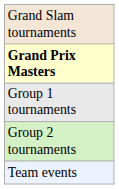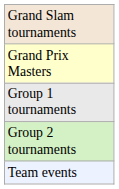 <table class="wikitable"  style="font-size:90%; width:13%;">
 <tr style="background:#F3E6D7">
 <td>Grand Slam tournaments</td>
 </tr>
 <tr style="background:#ffc;">
-<td><strong>Grand Prix Masters</strong></td>
+<td>Grand Prix Masters</td>
 </tr>
 <tr style="background:#e9e9e9;">
 <td>Group 1 tournaments</td>
 </tr>
 <tr style="background:#d4f1c5;">
 <td>Group 2 tournaments</td>
 </tr>
 <tr style="background:#ECF2FF">
 <td>Team events</td>
 </tr>
 </table>
